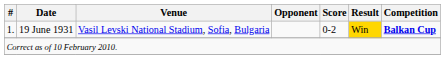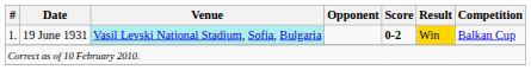 <table class="wikitable" style="font-size:95%;">
 <tr>
 <th>#</th>
 <th>Date</th>
 <th>Venue</th>
 <th>Opponent</th>
 <th>Score</th>
 <th>Result</th>
 <th>Competition</th>
 </tr>
 <tr>
 <td>1.</td>
 <td>19 June 1931</td>
-<td><a href='#'>Vasil Levski National Stadium</a>, <a href='#'>Sofia</a>, <a href='#'>Bulgaria</a></td>
+<td style="background: paleturquoise;"><a href='#'>Vasil Levski National Stadium</a>, <a href='#'>Sofia</a>, <a href='#'>Bulgaria</a></td>
 <td></td>
-<td>0-2</td>
+<td><strong>0-2</strong></td>
 <td style="background: gold;">Win</td>
-<td><strong><a href='#'>Balkan Cup</a></strong></td>
+<td><a href='#'>Balkan Cup</a></td>
 </tr>
 <tr>
 </tr>
 <tr>
 <td colspan="12"><small><em>Correct as of 10 February 2010</em>.</small></td>
 </tr>
 <tr>
 </tr>
 </table>
